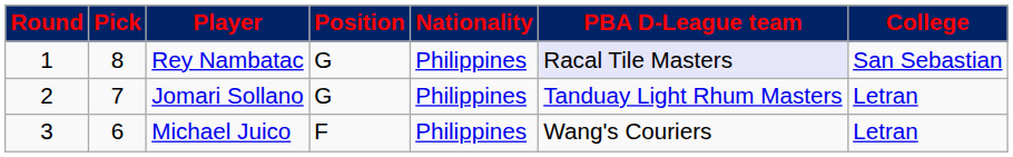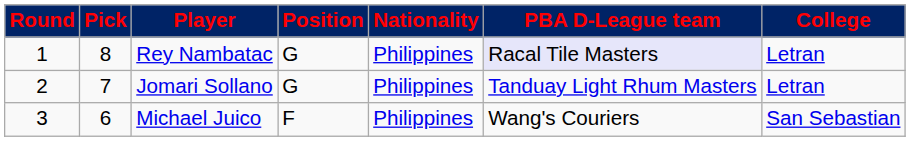 <table class="wikitable sortable sortable">
 <tr>
 <th style="background:#002366; color:#FE0003; ">Round</th>
 <th style="background:#002366; color:#FE0003; ">Pick</th>
 <th style="background:#002366; color:#FE0003; ">Player</th>
 <th style="background:#002366; color:#FE0003; ">Position</th>
 <th style="background:#002366; color:#FE0003; ">Nationality</th>
 <th style="background:#002366; color:#FE0003; ">PBA D-League team</th>
 <th style="background:#002366; color:#FE0003; ">College</th>
 </tr>
 <tr>
 <td align=center>1</td>
 <td align=center>8</td>
 <td><a href='#'>Rey Nambatac</a></td>
 <td>G</td>
 <td> <a href='#'>Philippines</a></td>
 <td style="background: lavender;">Racal Tile Masters</td>
-<td><a href='#'>San Sebastian</a></td>
+<td><a href='#'>Letran</a></td>
 </tr>
 <tr>
 <td align=center>2</td>
 <td align=center>7</td>
 <td><a href='#'>Jomari Sollano</a></td>
 <td>G</td>
 <td> <a href='#'>Philippines</a></td>
 <td><a href='#'>Tanduay Light Rhum Masters</a></td>
 <td><a href='#'>Letran</a></td>
 </tr>
 <tr>
 <td align=center>3</td>
 <td align=center>6</td>
 <td><a href='#'>Michael Juico</a></td>
 <td>F</td>
 <td> <a href='#'>Philippines</a></td>
 <td>Wang's Couriers</td>
-<td><a href='#'>Letran</a></td>
+<td><a href='#'>San Sebastian</a></td>
 </tr>
 </table>
